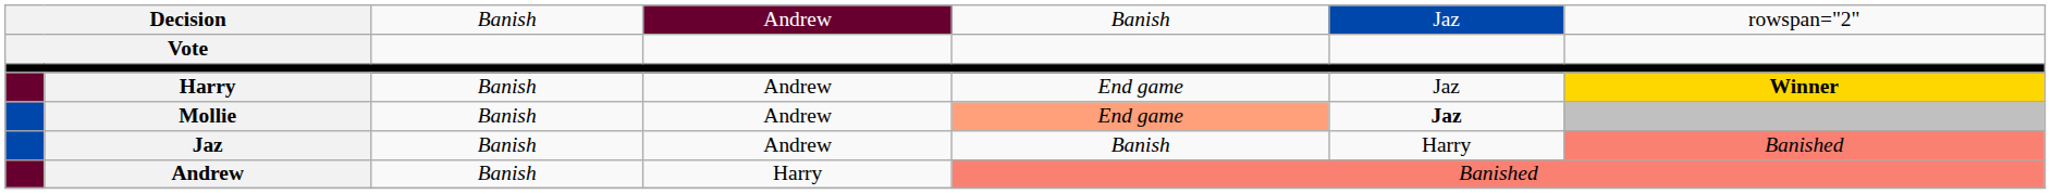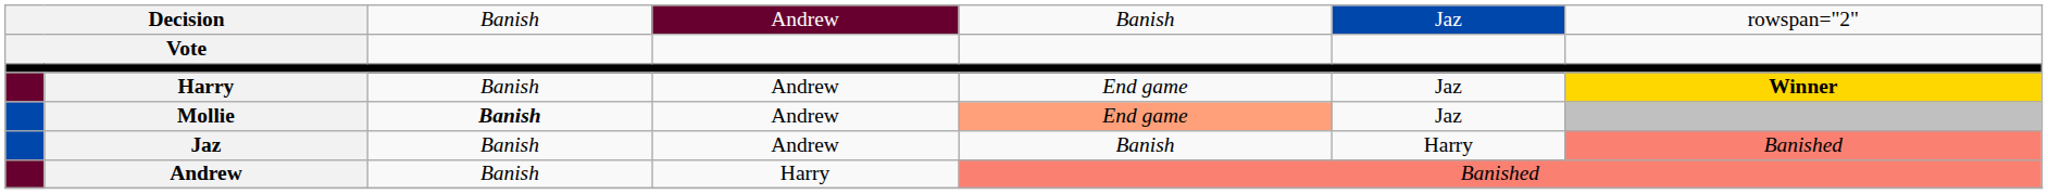 <table class="wikitable" style="text-align:center; width:70%; font-size:90%; line-height:13px">
 <tr>
 <th colspan="2">Decision</th>
 <td><em>Banish</em></td>
 <td bgcolor="#67002F" style="color:#FFFFFF">Andrew</td>
 <td><em>Banish</em></td>
 <td bgcolor="#0047AB" style="color:#FFFFFF">Jaz</td>
 <td>rowspan="2" </td>
 </tr>
 <tr>
 <th colspan="2">Vote</th>
 <td></td>
 <td></td>
 <td></td>
 <td></td>
 </tr>
 <tr>
 <td colspan="23" bgcolor="#000000"></td>
 </tr>
 <tr>
 <td bgcolor="67002F"></td>
 <th>Harry</th>
 <td><em>Banish</em></td>
 <td>Andrew</td>
 <td><em>End game</em></td>
 <td>Jaz</td>
 <td bgcolor="gold"><strong>Winner</strong></td>
 </tr>
 <tr>
 <td bgcolor="0047AB"></td>
 <th>Mollie</th>
-<td><em>Banish</em></td>
+<td><strong><em>Banish</em></strong></td>
 <td>Andrew</td>
 <td style="background: lightsalmon;"><em>End game</em></td>
-<td><strong>Jaz</strong></td>
+<td>Jaz</td>
 <td bgcolor="silver"></td>
 </tr>
 <tr>
 <td bgcolor="0047AB"></td>
 <th>Jaz</th>
 <td><em>Banish</em></td>
 <td>Andrew</td>
 <td><em>Banish</em></td>
 <td>Harry</td>
 <td style="background:salmon"><em>Banished</em></td>
 </tr>
 <tr>
 <td bgcolor="67002F"></td>
 <th>Andrew</th>
 <td><em>Banish</em></td>
 <td>Harry</td>
 <td colspan="3" style="background:salmon"><em>Banished</em></td>
 </tr>
 <tr>
 </tr>
 </table>
